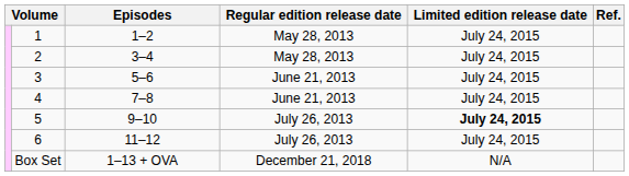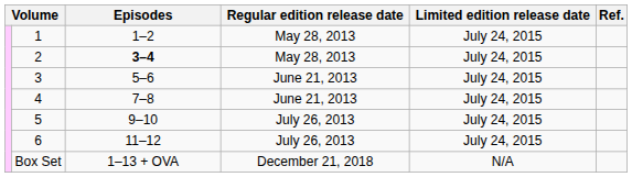 <table class="wikitable" style="text-align: center;">
 <tr>
 <th colspan="2">Volume</th>
 <th width="25%">Episodes</th>
 <th>Regular edition release date</th>
 <th>Limited edition release date</th>
 <th width="5%">Ref.</th>
 </tr>
 <tr>
 <td rowspan="7" width="1%" style="background: #FFCCFF;"></td>
 <td>1</td>
 <td>1–2</td>
 <td>May 28, 2013</td>
 <td>July 24, 2015</td>
 <td></td>
 </tr>
 <tr>
 <td>2</td>
-<td>3–4</td>
+<td><strong>3–4</strong></td>
 <td>May 28, 2013</td>
 <td>July 24, 2015</td>
 <td></td>
 </tr>
 <tr>
 <td>3</td>
 <td>5–6</td>
 <td>June 21, 2013</td>
 <td>July 24, 2015</td>
 <td></td>
 </tr>
 <tr>
 <td>4</td>
 <td>7–8</td>
 <td>June 21, 2013</td>
 <td>July 24, 2015</td>
 <td></td>
 </tr>
 <tr>
 <td>5</td>
 <td>9–10</td>
 <td>July 26, 2013</td>
-<td><strong>July 24, 2015</strong></td>
+<td>July 24, 2015</td>
 <td></td>
 </tr>
 <tr>
 <td>6</td>
 <td>11–12</td>
 <td>July 26, 2013</td>
 <td>July 24, 2015</td>
 <td></td>
 </tr>
 <tr>
 <td>Box Set</td>
 <td>1–13 + OVA</td>
 <td>December 21, 2018</td>
 <td>N/A</td>
 <td></td>
 </tr>
 </table>
